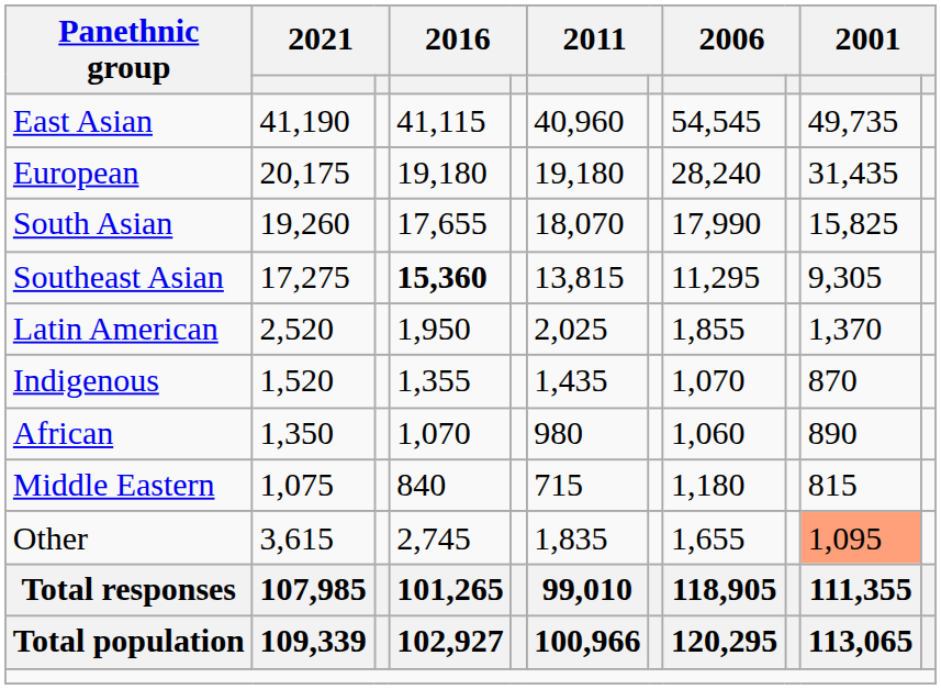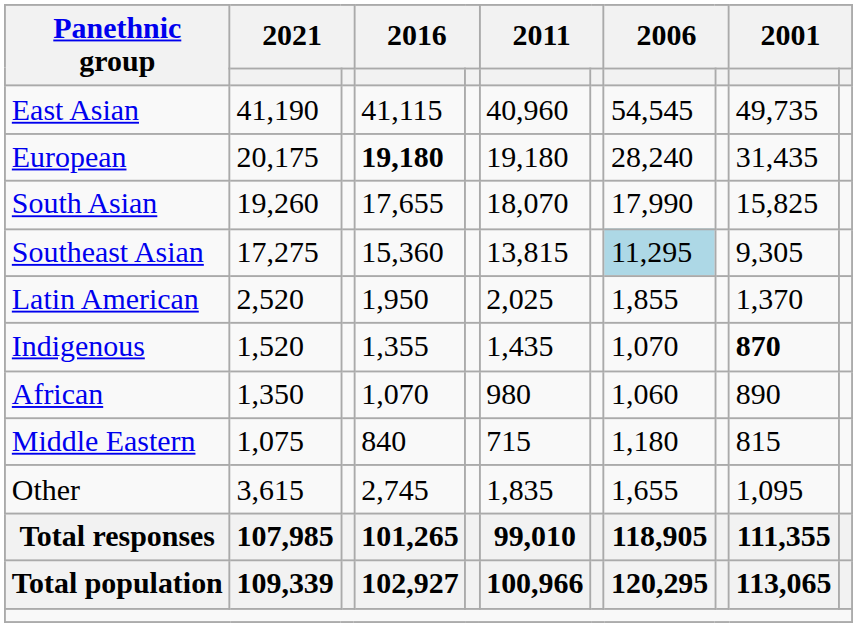 <table class="wikitable collapsible sortable">
 <tr>
 <th rowspan="2"><a href='#'>Panethnic</a><br>group</th>
 <th colspan="2">2021</th>
 <th colspan="2">2016</th>
 <th colspan="2">2011</th>
 <th colspan="2">2006</th>
 <th colspan="2">2001</th>
 </tr>
 <tr>
 <th><a href='#'></a></th>
 <th></th>
 <th></th>
 <th></th>
 <th></th>
 <th></th>
 <th></th>
 <th></th>
 <th></th>
 <th></th>
 </tr>
 <tr>
 <td><a href='#'>East Asian</a></td>
 <td>41,190</td>
 <td></td>
 <td>41,115</td>
 <td></td>
 <td>40,960</td>
 <td></td>
 <td>54,545</td>
 <td></td>
 <td>49,735</td>
 <td></td>
 </tr>
 <tr>
 <td><a href='#'>European</a></td>
 <td>20,175</td>
 <td></td>
-<td>19,180</td>
+<td><strong>19,180</strong></td>
 <td></td>
 <td>19,180</td>
 <td></td>
 <td>28,240</td>
 <td></td>
 <td>31,435</td>
 <td></td>
 </tr>
 <tr>
 <td><a href='#'>South Asian</a></td>
 <td>19,260</td>
 <td></td>
 <td>17,655</td>
 <td></td>
 <td>18,070</td>
 <td></td>
 <td>17,990</td>
 <td></td>
 <td>15,825</td>
 <td></td>
 </tr>
 <tr>
 <td><a href='#'>Southeast Asian</a></td>
 <td>17,275</td>
 <td></td>
-<td><strong>15,360</strong></td>
+<td>15,360</td>
 <td></td>
 <td>13,815</td>
 <td></td>
-<td>11,295</td>
+<td style="background: lightblue;">11,295</td>
 <td></td>
 <td>9,305</td>
 <td></td>
 </tr>
 <tr>
 <td><a href='#'>Latin American</a></td>
 <td>2,520</td>
 <td></td>
 <td>1,950</td>
 <td></td>
 <td>2,025</td>
 <td></td>
 <td>1,855</td>
 <td></td>
 <td>1,370</td>
 <td></td>
 </tr>
 <tr>
 <td><a href='#'>Indigenous</a></td>
 <td>1,520</td>
 <td></td>
 <td>1,355</td>
 <td></td>
 <td>1,435</td>
 <td></td>
 <td>1,070</td>
 <td></td>
-<td>870</td>
+<td><strong>870</strong></td>
 <td></td>
 </tr>
 <tr>
 <td><a href='#'>African</a></td>
 <td>1,350</td>
 <td></td>
 <td>1,070</td>
 <td></td>
 <td>980</td>
 <td></td>
 <td>1,060</td>
 <td></td>
 <td>890</td>
 <td></td>
 </tr>
 <tr>
 <td><a href='#'>Middle Eastern</a></td>
 <td>1,075</td>
 <td></td>
 <td>840</td>
 <td></td>
 <td>715</td>
 <td></td>
 <td>1,180</td>
 <td></td>
 <td>815</td>
 <td></td>
 </tr>
 <tr>
 <td>Other</td>
 <td>3,615</td>
 <td></td>
 <td>2,745</td>
 <td></td>
 <td>1,835</td>
 <td></td>
 <td>1,655</td>
 <td></td>
-<td style="background: lightsalmon;">1,095</td>
+<td>1,095</td>
 <td></td>
 </tr>
 <tr>
 <th>Total responses</th>
 <th>107,985</th>
 <th></th>
 <th>101,265</th>
 <th></th>
 <th>99,010</th>
 <th></th>
 <th>118,905</th>
 <th></th>
 <th>111,355</th>
 <th></th>
 </tr>
 <tr>
 <th>Total population</th>
 <th>109,339</th>
 <th></th>
 <th>102,927</th>
 <th></th>
 <th>100,966</th>
 <th></th>
 <th>120,295</th>
 <th></th>
 <th>113,065</th>
 <th></th>
 </tr>
 <tr class="sortbottom">
 <td colspan="15"></td>
 </tr>
 </table>
